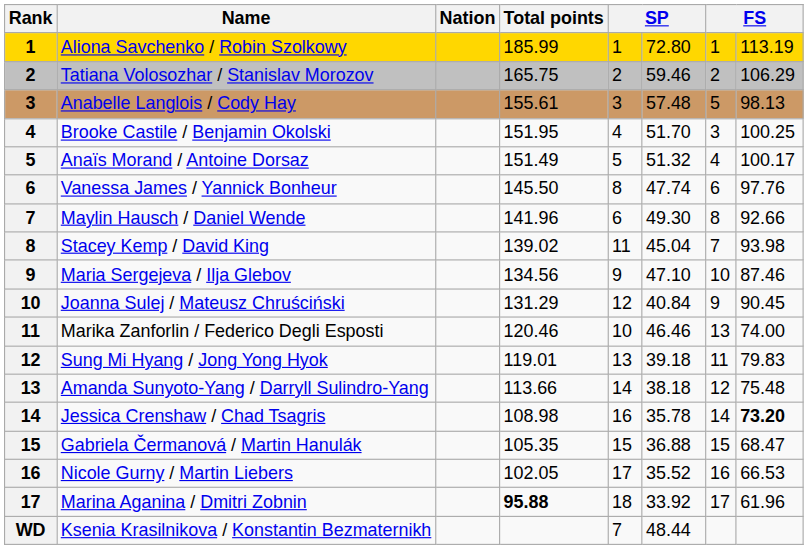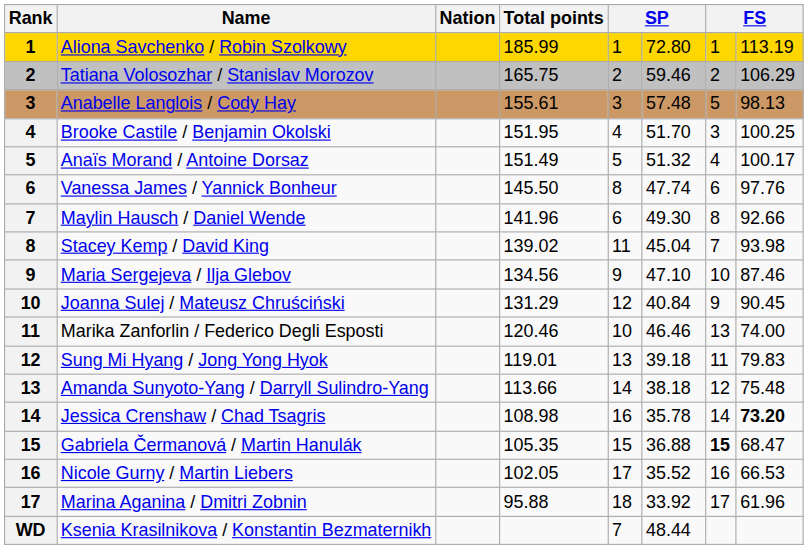 <table class="wikitable sortable">
 <tr>
 <th>Rank</th>
 <th>Name</th>
 <th>Nation</th>
 <th>Total points</th>
 <th colspan="2" width="80px"><a href='#'>SP</a></th>
 <th colspan="2" width="80px"><a href='#'>FS</a></th>
 </tr>
 <tr bgcolor="gold">
 <td align="center"><strong>1</strong></td>
 <td><a href='#'>Aliona Savchenko</a> / <a href='#'>Robin Szolkowy</a></td>
 <td></td>
 <td>185.99</td>
 <td>1</td>
 <td>72.80</td>
 <td>1</td>
 <td>113.19</td>
 </tr>
 <tr bgcolor="silver">
 <td align="center"><strong>2</strong></td>
 <td><a href='#'>Tatiana Volosozhar</a> / <a href='#'>Stanislav Morozov</a></td>
 <td></td>
 <td>165.75</td>
 <td>2</td>
 <td>59.46</td>
 <td>2</td>
 <td>106.29</td>
 </tr>
 <tr bgcolor="cc9966">
 <td align="center"><strong>3</strong></td>
 <td><a href='#'>Anabelle Langlois</a> / <a href='#'>Cody Hay</a></td>
 <td></td>
 <td>155.61</td>
 <td>3</td>
 <td>57.48</td>
 <td>5</td>
 <td>98.13</td>
 </tr>
 <tr>
 <th>4</th>
 <td><a href='#'>Brooke Castile</a> / <a href='#'>Benjamin Okolski</a></td>
 <td></td>
 <td>151.95</td>
 <td>4</td>
 <td>51.70</td>
 <td>3</td>
 <td>100.25</td>
 </tr>
 <tr>
 <th>5</th>
 <td><a href='#'>Anaïs Morand</a> / <a href='#'>Antoine Dorsaz</a></td>
 <td></td>
 <td>151.49</td>
 <td>5</td>
 <td>51.32</td>
 <td>4</td>
 <td>100.17</td>
 </tr>
 <tr>
 <th>6</th>
 <td><a href='#'>Vanessa James</a> / <a href='#'>Yannick Bonheur</a></td>
 <td></td>
 <td>145.50</td>
 <td>8</td>
 <td>47.74</td>
 <td>6</td>
 <td>97.76</td>
 </tr>
 <tr>
 <th>7</th>
 <td><a href='#'>Maylin Hausch</a> / <a href='#'>Daniel Wende</a></td>
 <td></td>
 <td>141.96</td>
 <td>6</td>
 <td>49.30</td>
 <td>8</td>
 <td>92.66</td>
 </tr>
 <tr>
 <th>8</th>
 <td><a href='#'>Stacey Kemp</a> / <a href='#'>David King</a></td>
 <td></td>
 <td>139.02</td>
 <td>11</td>
 <td>45.04</td>
 <td>7</td>
 <td>93.98</td>
 </tr>
 <tr>
 <th>9</th>
 <td><a href='#'>Maria Sergejeva</a> / <a href='#'>Ilja Glebov</a></td>
 <td></td>
 <td>134.56</td>
 <td>9</td>
 <td>47.10</td>
 <td>10</td>
 <td>87.46</td>
 </tr>
 <tr>
 <th>10</th>
 <td><a href='#'>Joanna Sulej</a> / <a href='#'>Mateusz Chruściński</a></td>
 <td></td>
 <td>131.29</td>
 <td>12</td>
 <td>40.84</td>
 <td>9</td>
 <td>90.45</td>
 </tr>
 <tr>
 <th>11</th>
 <td>Marika Zanforlin / Federico Degli Esposti</td>
 <td></td>
 <td>120.46</td>
 <td>10</td>
 <td>46.46</td>
 <td>13</td>
 <td>74.00</td>
 </tr>
 <tr>
 <th>12</th>
 <td><a href='#'>Sung Mi Hyang</a> / <a href='#'>Jong Yong Hyok</a></td>
 <td></td>
 <td>119.01</td>
 <td>13</td>
 <td>39.18</td>
 <td>11</td>
 <td>79.83</td>
 </tr>
 <tr>
 <th>13</th>
 <td><a href='#'>Amanda Sunyoto-Yang</a> / <a href='#'>Darryll Sulindro-Yang</a></td>
 <td></td>
 <td>113.66</td>
 <td>14</td>
 <td>38.18</td>
 <td>12</td>
 <td>75.48</td>
 </tr>
 <tr>
 <th>14</th>
 <td><a href='#'>Jessica Crenshaw</a> / <a href='#'>Chad Tsagris</a></td>
 <td></td>
 <td>108.98</td>
 <td>16</td>
 <td>35.78</td>
 <td>14</td>
 <td><strong>73.20</strong></td>
 </tr>
 <tr>
 <th>15</th>
 <td><a href='#'>Gabriela Čermanová</a> / <a href='#'>Martin Hanulák</a></td>
 <td></td>
 <td>105.35</td>
 <td>15</td>
 <td>36.88</td>
-<td>15</td>
+<td><strong>15</strong></td>
 <td>68.47</td>
 </tr>
 <tr>
 <th>16</th>
 <td><a href='#'>Nicole Gurny</a> / <a href='#'>Martin Liebers</a></td>
 <td></td>
 <td>102.05</td>
 <td>17</td>
 <td>35.52</td>
 <td>16</td>
 <td>66.53</td>
 </tr>
 <tr>
 <th>17</th>
 <td><a href='#'>Marina Aganina</a> / <a href='#'>Dmitri Zobnin</a></td>
 <td></td>
-<td><strong>95.88</strong></td>
+<td>95.88</td>
 <td>18</td>
 <td>33.92</td>
 <td>17</td>
 <td>61.96</td>
 </tr>
 <tr>
 <th>WD</th>
 <td><a href='#'>Ksenia Krasilnikova</a> / <a href='#'>Konstantin Bezmaternikh</a></td>
 <td></td>
 <td></td>
 <td>7</td>
 <td>48.44</td>
 <td></td>
 <td></td>
 </tr>
 </table>
